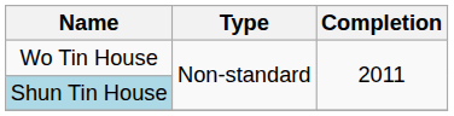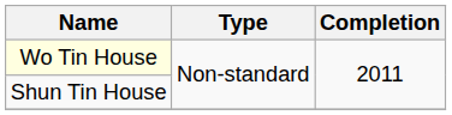 <table class="wikitable" style="text-align: center">
 <tr>
 <th>Name </th>
 <th>Type</th>
 <th>Completion</th>
 </tr>
 <tr>
-<td>Wo Tin House</td>
+<td style="background: lightyellow;">Wo Tin House</td>
 <td rowspan="2">Non-standard</td>
 <td rowspan="2">2011</td>
 </tr>
 <tr>
-<td style="background: lightblue;">Shun Tin House</td>
+<td>Shun Tin House</td>
 </tr>
 <tr>
 </tr>
 </table>
